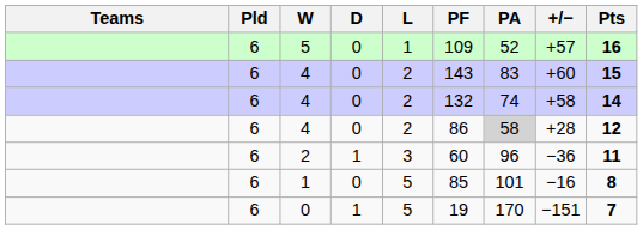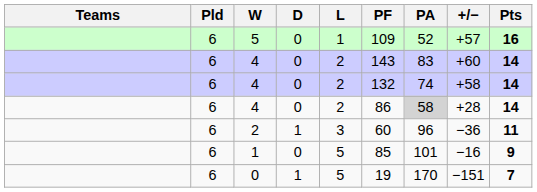 <table class="wikitable" style="text-align: center;">
 <tr>
 <th width="200">Teams</th>
 <th width="40">Pld</th>
 <th width="40">W</th>
 <th width="40">D</th>
 <th width="40">L</th>
 <th width="40">PF</th>
 <th width="40">PA</th>
 <th width="40">+/−</th>
 <th width="40">Pts</th>
 </tr>
 <tr bgcolor=ccffcc>
 <td align=left></td>
 <td>6</td>
 <td>5</td>
 <td>0</td>
 <td>1</td>
 <td>109</td>
 <td>52</td>
 <td>+57</td>
 <td><strong>16</strong></td>
 </tr>
 <tr bgcolor=ccccff>
 <td align=left></td>
 <td>6</td>
 <td>4</td>
 <td>0</td>
 <td>2</td>
 <td>143</td>
 <td>83</td>
 <td>+60</td>
-<td><strong>15</strong></td>
+<td><strong>14</strong></td>
 </tr>
 <tr bgcolor=ccccff>
 <td align=left></td>
 <td>6</td>
 <td>4</td>
 <td>0</td>
 <td>2</td>
 <td>132</td>
 <td>74</td>
 <td>+58</td>
 <td><strong>14</strong></td>
 </tr>
 <tr>
 <td align=left></td>
 <td>6</td>
 <td>4</td>
 <td>0</td>
 <td>2</td>
 <td>86</td>
 <td style="background: lightgrey;">58</td>
 <td>+28</td>
-<td><strong>12</strong></td>
+<td><strong>14</strong></td>
 </tr>
 <tr>
 <td align=left></td>
 <td>6</td>
 <td>2</td>
 <td>1</td>
 <td>3</td>
 <td>60</td>
 <td>96</td>
 <td>−36</td>
 <td><strong>11</strong></td>
 </tr>
 <tr>
 <td align=left></td>
 <td>6</td>
 <td>1</td>
 <td>0</td>
 <td>5</td>
 <td>85</td>
 <td>101</td>
 <td>−16</td>
-<td><strong>8</strong></td>
+<td><strong>9</strong></td>
 </tr>
 <tr>
 <td align=left></td>
 <td>6</td>
 <td>0</td>
 <td>1</td>
 <td>5</td>
 <td>19</td>
 <td>170</td>
 <td>−151</td>
 <td><strong>7</strong></td>
 </tr>
 </table>
